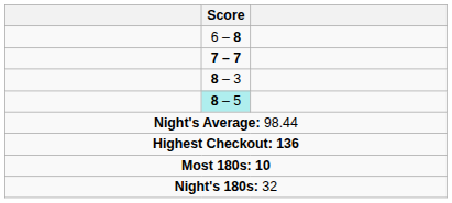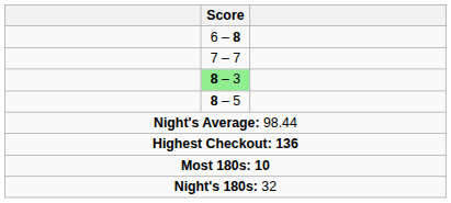 <table class=wikitable style="text-align:center">
 <tr>
 <th width=225></th>
 <th width=50>Score</th>
 <th width=225></th>
 </tr>
 <tr align=left>
 <td align=right></td>
 <td align=center>6 – <strong>8</strong></td>
 <td></td>
 </tr>
 <tr align=left>
 <td align=right></td>
-<td align=center><strong>7 – 7</strong></td>
+<td align=center>7 – 7</td>
 <td></td>
 </tr>
 <tr align=left>
 <td align=right></td>
-<td align=center><strong>8</strong> – 3</td>
+<td align=center style="background: lightgreen;"><strong>8</strong> – 3</td>
 <td></td>
 </tr>
 <tr align=left>
 <td align=right></td>
-<td align=center style="background: paleturquoise;"><strong>8</strong> – 5</td>
+<td align=center><strong>8</strong> – 5</td>
 <td></td>
 </tr>
 <tr align=center>
 <td colspan="3"><strong>Night's Average:</strong> 98.44</td>
 </tr>
 <tr align=center>
 <td colspan="3"><strong>Highest Checkout:</strong>  <strong>136</strong></td>
 </tr>
 <tr align=center>
 <td colspan="3"><strong>Most 180s:</strong>  <strong>10</strong></td>
 </tr>
 <tr align=center>
 <td colspan="3"><strong>Night's 180s:</strong> 32</td>
 </tr>
 </table>
